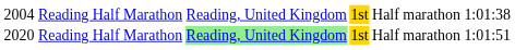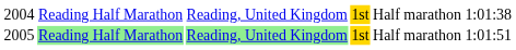 <table>
 <tr>
 <td>2004</td>
 <td><a href='#'>Reading Half Marathon</a></td>
 <td><a href='#'>Reading, United Kingdom</a></td>
 <td bgcolor="gold">1st</td>
 <td>Half marathon</td>
 <td>1:01:38</td>
 </tr>
 <tr>
-<td>2020</td>
-<td><a href='#'>Reading Half Marathon</a></td>
+<td>2005</td>
+<td style="background: lightgreen;"><a href='#'>Reading Half Marathon</a></td>
 <td style="background: lightgreen;"><a href='#'>Reading, United Kingdom</a></td>
 <td bgcolor="gold">1st</td>
 <td>Half marathon</td>
 <td>1:01:51</td>
 </tr>
 </table>
